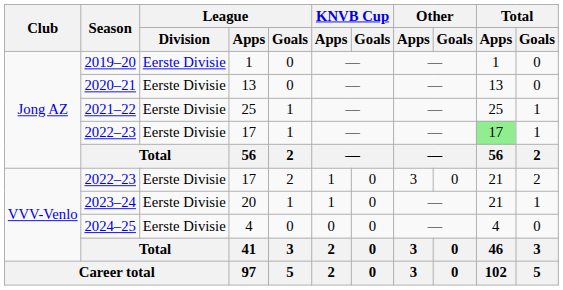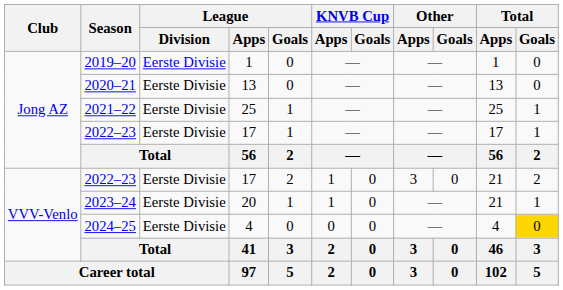 <table class="wikitable" style="text-align:center">
 <tr>
 <th rowspan="2">Club</th>
 <th rowspan="2">Season</th>
 <th colspan="3">League</th>
 <th colspan="2"><a href='#'>KNVB Cup</a></th>
 <th colspan="2">Other</th>
 <th colspan="2">Total</th>
 </tr>
 <tr>
 <th>Division</th>
 <th>Apps</th>
 <th>Goals</th>
 <th>Apps</th>
 <th>Goals</th>
 <th>Apps</th>
 <th>Goals</th>
 <th>Apps</th>
 <th>Goals</th>
 </tr>
 <tr>
 <td rowspan="5"><a href='#'>Jong AZ</a></td>
 <td><a href='#'>2019–20</a></td>
 <td><a href='#'>Eerste Divisie</a></td>
 <td>1</td>
 <td>0</td>
 <td colspan="2">—</td>
 <td colspan="2">—</td>
 <td>1</td>
 <td>0</td>
 </tr>
 <tr>
 <td><a href='#'>2020–21</a></td>
 <td>Eerste Divisie</td>
 <td>13</td>
 <td>0</td>
 <td colspan="2">—</td>
 <td colspan="2">—</td>
 <td>13</td>
 <td>0</td>
 </tr>
 <tr>
 <td><a href='#'>2021–22</a></td>
 <td>Eerste Divisie</td>
 <td>25</td>
 <td>1</td>
 <td colspan="2">—</td>
 <td colspan="2">—</td>
 <td>25</td>
 <td>1</td>
 </tr>
 <tr>
 <td><a href='#'>2022–23</a></td>
 <td>Eerste Divisie</td>
 <td>17</td>
 <td>1</td>
 <td colspan="2">—</td>
 <td colspan="2">—</td>
-<td style="background: lightgreen;">17</td>
+<td>17</td>
 <td>1</td>
 </tr>
 <tr>
 <th colspan="2">Total</th>
 <th>56</th>
 <th>2</th>
 <th colspan="2">—</th>
 <th colspan="2">—</th>
 <th>56</th>
 <th>2</th>
 </tr>
 <tr>
 <td rowspan="4"><a href='#'>VVV-Venlo</a></td>
 <td><a href='#'>2022–23</a></td>
 <td>Eerste Divisie</td>
 <td>17</td>
 <td>2</td>
 <td>1</td>
 <td>0</td>
 <td>3</td>
 <td>0</td>
 <td>21</td>
 <td>2</td>
 </tr>
 <tr>
 <td><a href='#'>2023–24</a></td>
 <td>Eerste Divisie</td>
 <td>20</td>
 <td>1</td>
 <td>1</td>
 <td>0</td>
 <td colspan="2">—</td>
 <td>21</td>
 <td>1</td>
 </tr>
 <tr>
 <td><a href='#'>2024–25</a></td>
 <td>Eerste Divisie</td>
 <td>4</td>
 <td>0</td>
 <td>0</td>
 <td>0</td>
 <td colspan="2">—</td>
 <td>4</td>
-<td>0</td>
+<td style="background: gold;">0</td>
 </tr>
 <tr>
 <th colspan="2">Total</th>
 <th>41</th>
 <th>3</th>
 <th>2</th>
 <th>0</th>
 <th>3</th>
 <th>0</th>
 <th>46</th>
 <th>3</th>
 </tr>
 <tr>
 <th colspan="3">Career total</th>
 <th>97</th>
 <th>5</th>
 <th>2</th>
 <th>0</th>
 <th>3</th>
 <th>0</th>
 <th>102</th>
 <th>5</th>
 </tr>
 </table>
